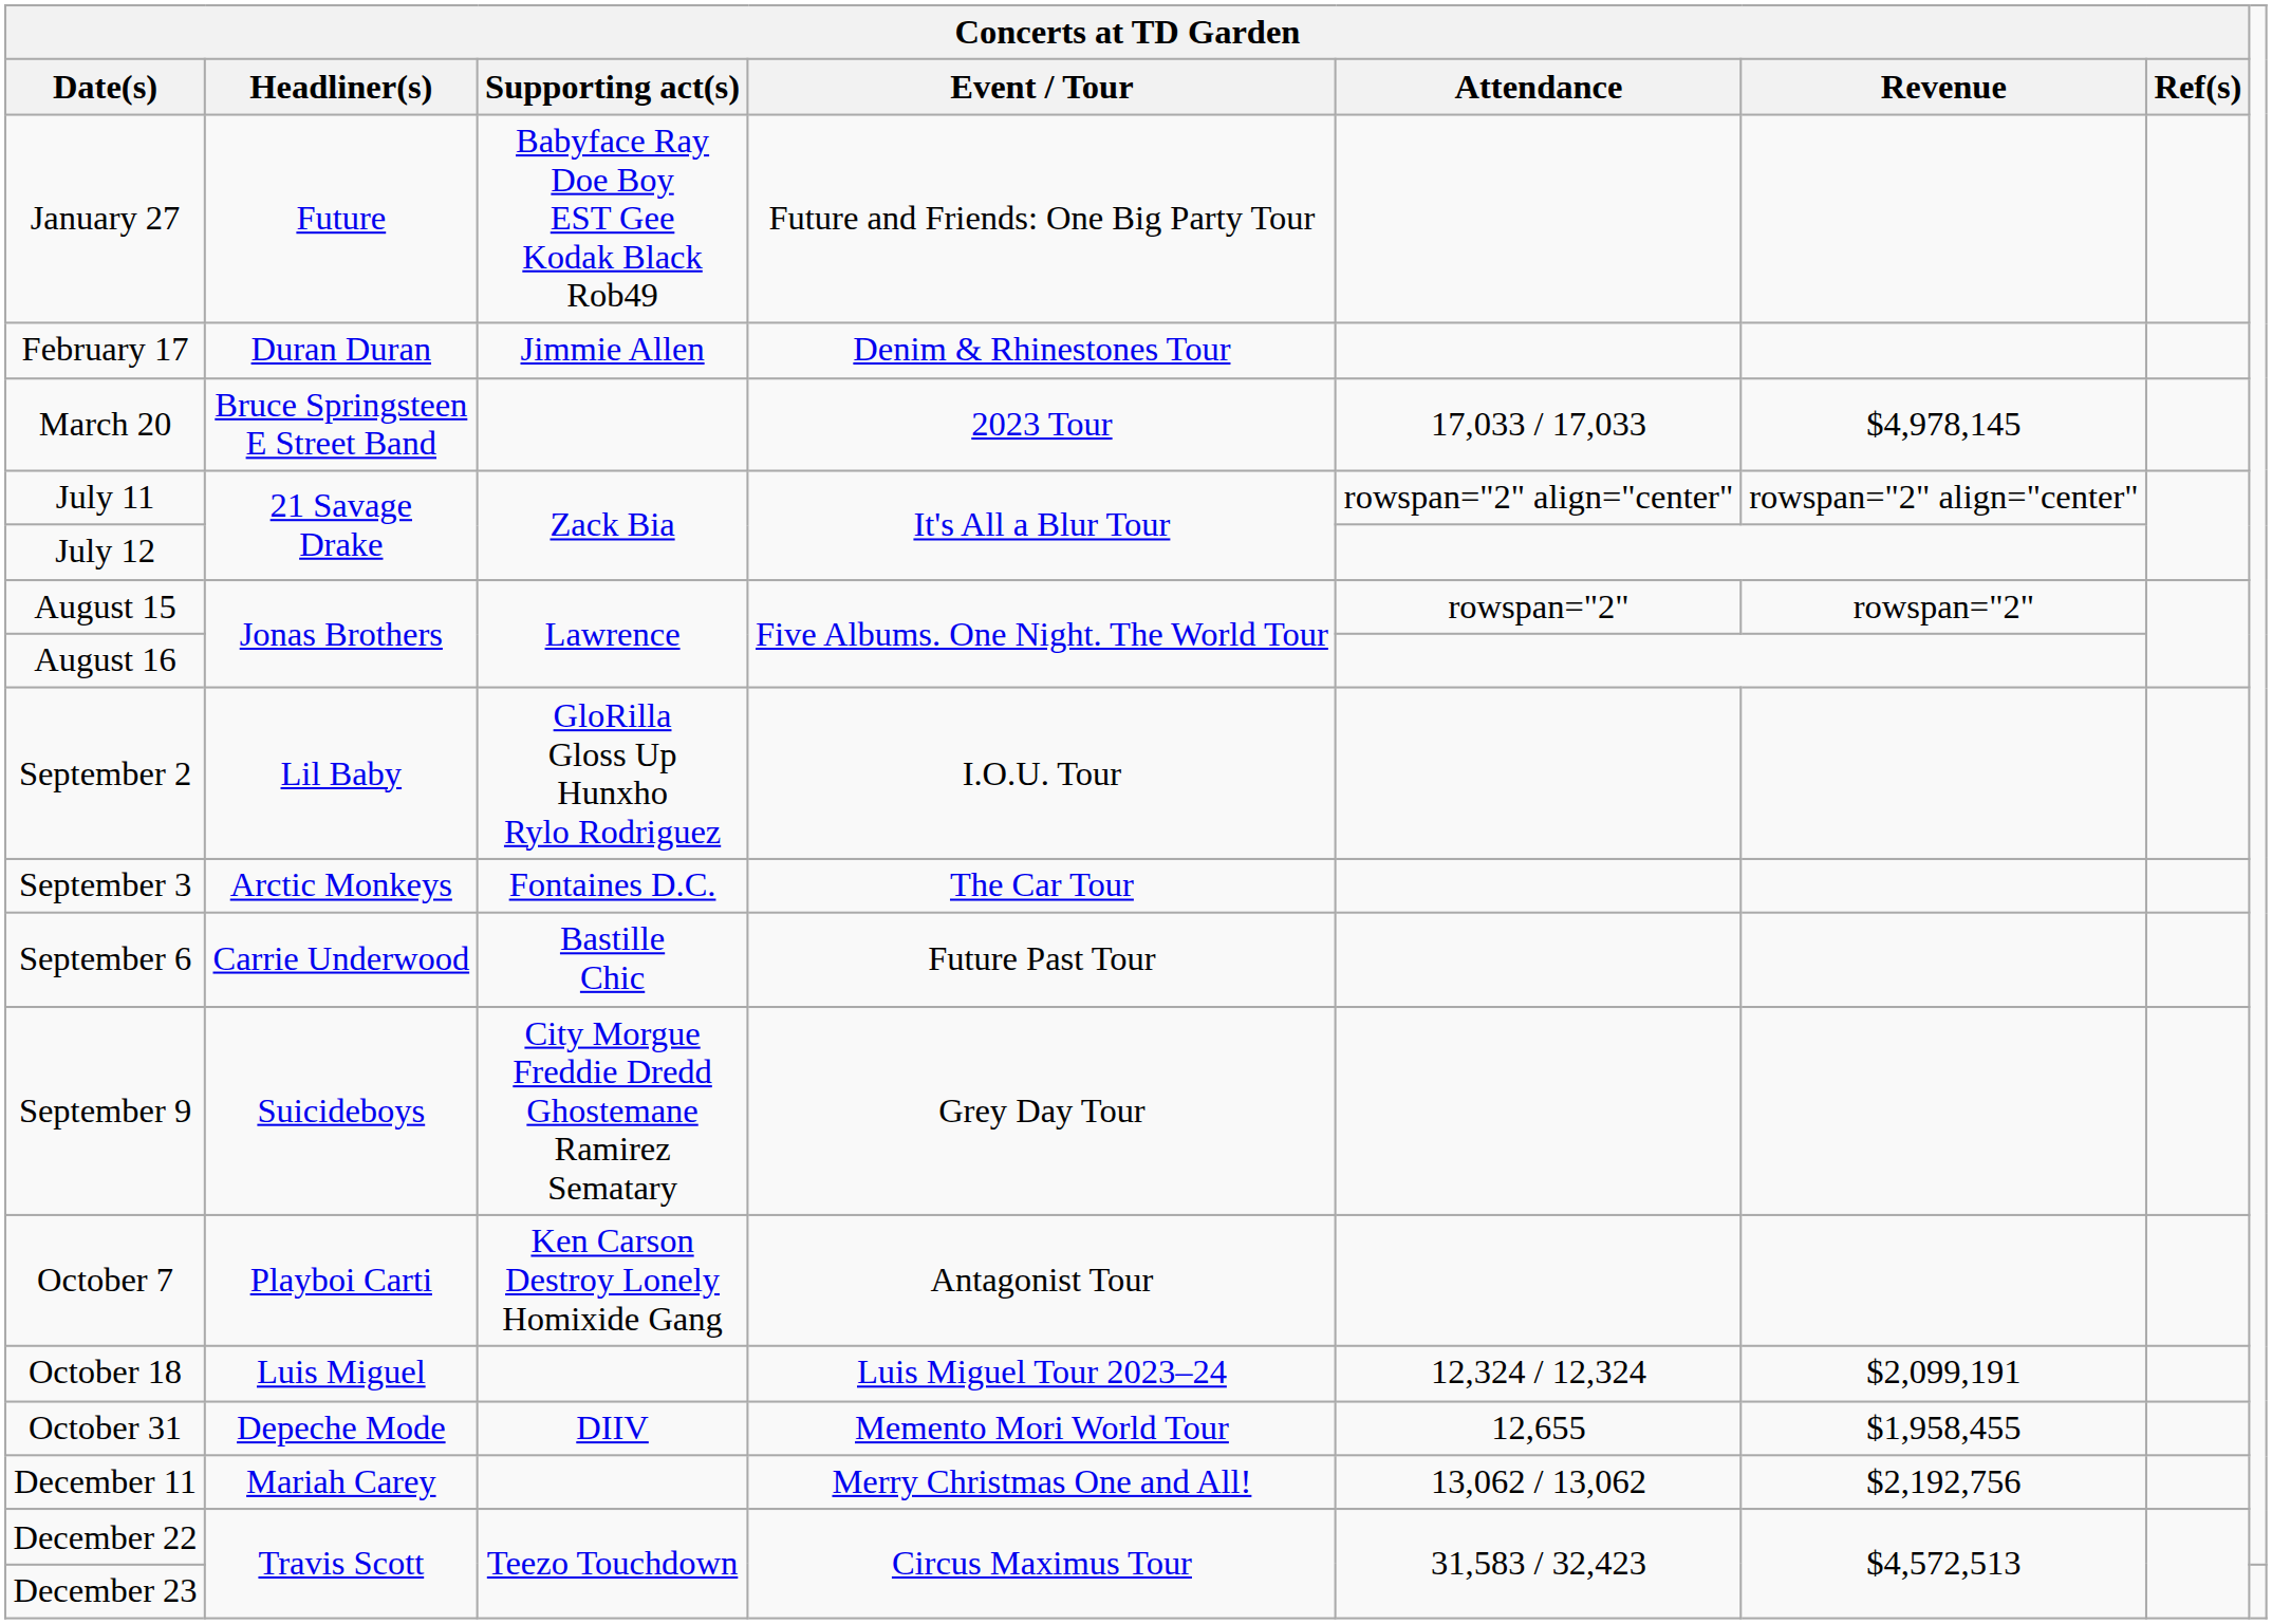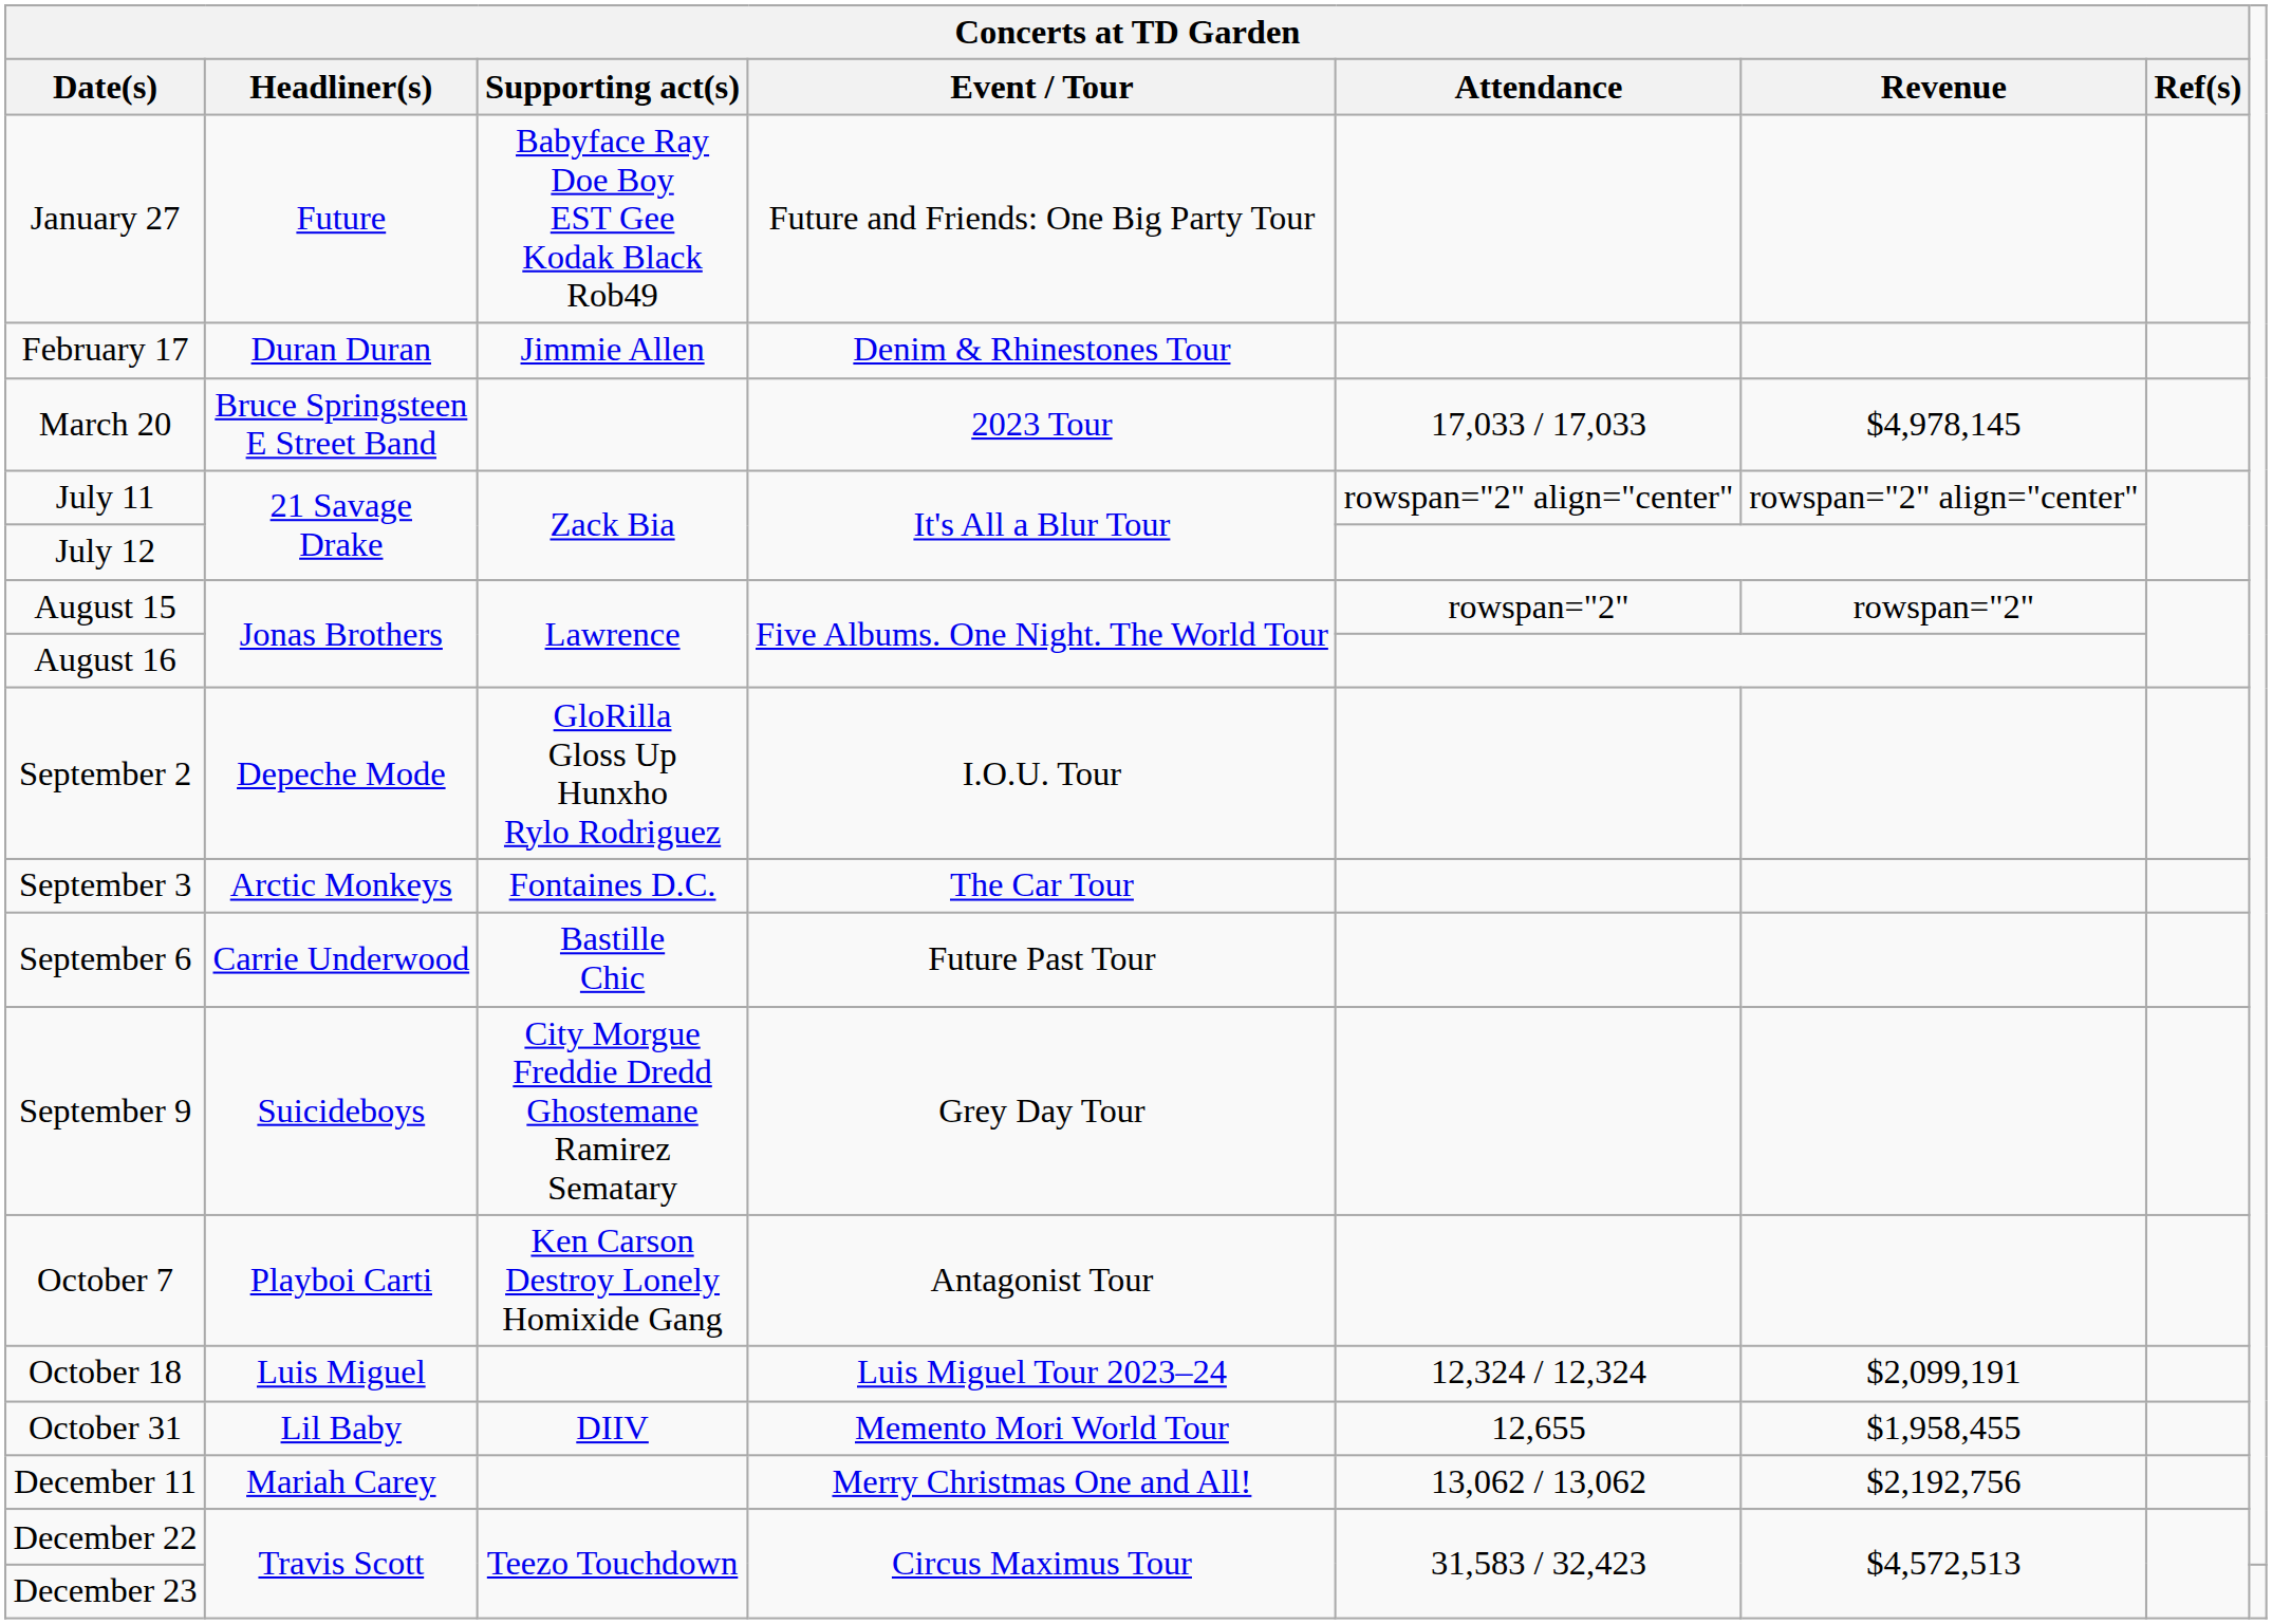 <table class="wikitable mw-collapsible mw-collapsed" style="text-align:center;">
 <tr>
 <th colspan="7">Concerts at TD Garden</th>
 </tr>
 <tr>
 <th>Date(s)</th>
 <th>Headliner(s)</th>
 <th>Supporting act(s)</th>
 <th>Event / Tour</th>
 <th>Attendance</th>
 <th>Revenue</th>
 <th>Ref(s)</th>
 </tr>
 <tr>
 <td>January 27</td>
 <td><a href='#'>Future</a></td>
 <td><a href='#'>Babyface Ray</a><br><a href='#'>Doe Boy</a><br><a href='#'>EST Gee</a><br><a href='#'>Kodak Black</a><br>Rob49</td>
 <td>Future and Friends: One Big Party Tour</td>
 <td></td>
 <td></td>
 <td></td>
 </tr>
 <tr>
 <td>February 17</td>
 <td><a href='#'>Duran Duran</a></td>
 <td><a href='#'>Jimmie Allen</a></td>
 <td><a href='#'>Denim & Rhinestones Tour</a></td>
 <td></td>
 <td></td>
 <td></td>
 </tr>
 <tr>
 <td>March 20</td>
 <td><a href='#'>Bruce Springsteen</a><br><a href='#'>E Street Band</a></td>
 <td></td>
 <td><a href='#'>2023 Tour</a></td>
 <td>17,033 / 17,033</td>
 <td>$4,978,145</td>
 <td></td>
 </tr>
 <tr>
 <td>July 11</td>
 <td rowspan="2"><a href='#'>21 Savage</a><br><a href='#'>Drake</a></td>
 <td rowspan="2"><a href='#'>Zack Bia</a></td>
 <td rowspan="2"><a href='#'>It's All a Blur Tour</a></td>
 <td>rowspan="2" align="center" </td>
 <td>rowspan="2" align="center" </td>
 <td rowspan="2" align="center"></td>
 </tr>
 <tr>
 <td>July 12</td>
 </tr>
 <tr>
 <td>August 15</td>
 <td rowspan="2"><a href='#'>Jonas Brothers</a></td>
 <td rowspan="2"><a href='#'>Lawrence</a></td>
 <td rowspan="2"><a href='#'>Five Albums. One Night. The World Tour</a></td>
 <td>rowspan="2" </td>
 <td>rowspan="2" </td>
 <td rowspan="2"></td>
 </tr>
 <tr>
 <td>August 16</td>
 </tr>
 <tr>
 <td>September 2</td>
-<td><a href='#'>Lil Baby</a></td>
+<td><a href='#'>Depeche Mode</a></td>
 <td><a href='#'>GloRilla</a><br>Gloss Up<br>Hunxho<br><a href='#'>Rylo Rodriguez</a></td>
 <td>I.O.U. Tour</td>
 <td></td>
 <td></td>
 <td></td>
 </tr>
 <tr>
 <td>September 3</td>
 <td><a href='#'>Arctic Monkeys</a></td>
 <td><a href='#'>Fontaines D.C.</a></td>
 <td><a href='#'>The Car Tour</a></td>
 <td></td>
 <td></td>
 <td></td>
 </tr>
 <tr>
 <td>September 6</td>
 <td><a href='#'>Carrie Underwood</a></td>
 <td><a href='#'>Bastille</a><br><a href='#'>Chic</a></td>
 <td>Future Past Tour</td>
 <td></td>
 <td></td>
 <td></td>
 </tr>
 <tr>
 <td>September 9</td>
 <td><a href='#'>Suicideboys</a></td>
 <td><a href='#'>City Morgue</a><br><a href='#'>Freddie Dredd</a><br><a href='#'>Ghostemane</a><br>Ramirez<br>Sematary</td>
 <td>Grey Day Tour</td>
 <td></td>
 <td></td>
 <td></td>
 </tr>
 <tr>
 <td>October 7</td>
 <td><a href='#'>Playboi Carti</a></td>
 <td><a href='#'>Ken Carson</a><br><a href='#'>Destroy Lonely</a><br>Homixide Gang</td>
 <td>Antagonist Tour</td>
 <td></td>
 <td></td>
 <td></td>
 </tr>
 <tr>
 <td>October 18</td>
 <td><a href='#'>Luis Miguel</a></td>
 <td></td>
 <td><a href='#'>Luis Miguel Tour 2023–24</a></td>
 <td>12,324 / 12,324</td>
 <td>$2,099,191</td>
 <td></td>
 </tr>
 <tr>
 <td>October 31</td>
-<td><a href='#'>Depeche Mode</a></td>
+<td><a href='#'>Lil Baby</a></td>
 <td><a href='#'>DIIV</a></td>
 <td><a href='#'>Memento Mori World Tour</a></td>
 <td>12,655</td>
 <td>$1,958,455</td>
 <td></td>
 </tr>
 <tr>
 <td>December 11</td>
 <td><a href='#'>Mariah Carey</a></td>
 <td></td>
 <td><a href='#'>Merry Christmas One and All!</a></td>
 <td>13,062 / 13,062</td>
 <td>$2,192,756</td>
 <td></td>
 </tr>
 <tr>
 <td>December 22</td>
 <td rowspan="2"><a href='#'>Travis Scott</a></td>
 <td rowspan="2"><a href='#'>Teezo Touchdown</a></td>
 <td rowspan="2"><a href='#'>Circus Maximus Tour</a></td>
 <td rowspan="2">31,583 / 32,423</td>
 <td rowspan="2">$4,572,513</td>
 <td rowspan="2"></td>
 </tr>
 <tr>
 <td>December 23</td>
 <td></td>
 </tr>
 </table>
